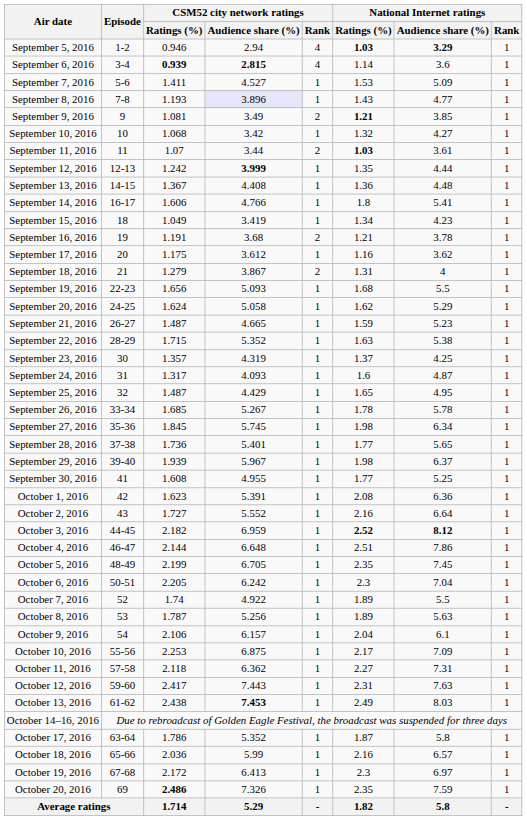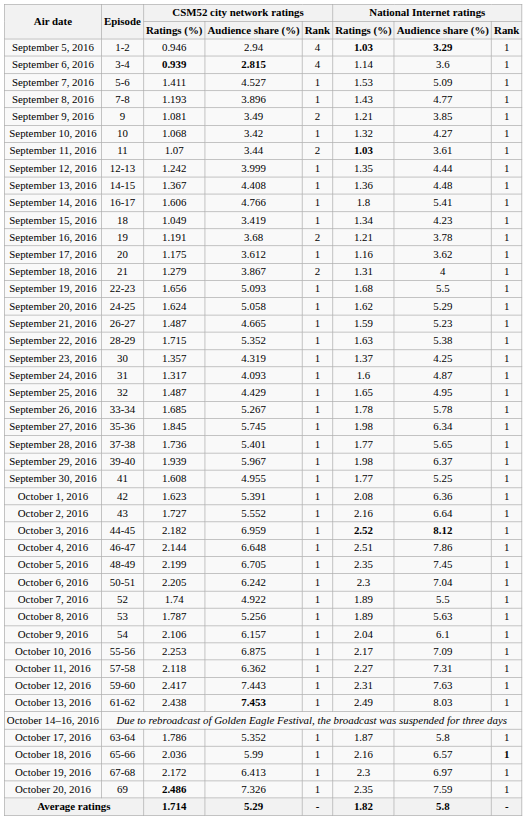 <table class="wikitable sortable mw-collapsible jquery-tablesorter" style="text-align:center">
 <tr>
 <th rowspan="2">Air date</th>
 <th rowspan="2">Episode</th>
 <th colspan="3">CSM52 city network ratings</th>
 <th colspan="3">National Internet ratings</th>
 </tr>
 <tr>
 <th>Ratings (%)</th>
 <th>Audience share (%)</th>
 <th>Rank</th>
 <th>Ratings (%)</th>
 <th>Audience share (%)</th>
 <th>Rank</th>
 </tr>
 <tr>
 <td>September 5, 2016</td>
 <td>1-2</td>
 <td>0.946</td>
 <td>2.94</td>
 <td>4</td>
 <td><strong><span>1.03</span></strong></td>
 <td><strong><span>3.29</span></strong></td>
 <td>1</td>
 </tr>
 <tr>
 <td>September 6, 2016</td>
 <td>3-4</td>
 <td><strong><span>0.939</span></strong></td>
 <td><strong><span>2.815</span></strong></td>
 <td>4</td>
 <td>1.14</td>
 <td>3.6</td>
 <td>1</td>
 </tr>
 <tr>
 <td>September 7, 2016</td>
 <td>5-6</td>
 <td>1.411</td>
 <td>4.527</td>
 <td>1</td>
 <td>1.53</td>
 <td>5.09</td>
 <td>1</td>
 </tr>
 <tr>
 <td>September 8, 2016</td>
 <td>7-8</td>
 <td>1.193</td>
-<td style="background: lavender;">3.896</td>
+<td>3.896</td>
 <td>1</td>
 <td>1.43</td>
 <td>4.77</td>
 <td>1</td>
 </tr>
 <tr>
 <td>September 9, 2016</td>
 <td>9</td>
 <td>1.081</td>
 <td>3.49</td>
 <td>2</td>
-<td><strong>1.21</strong></td>
+<td>1.21</td>
 <td>3.85</td>
 <td>1</td>
 </tr>
 <tr>
 <td>September 10, 2016</td>
 <td>10</td>
 <td>1.068</td>
 <td>3.42</td>
 <td>1</td>
 <td>1.32</td>
 <td>4.27</td>
 <td>1</td>
 </tr>
 <tr>
 <td>September 11, 2016</td>
 <td>11</td>
 <td>1.07</td>
 <td>3.44</td>
 <td>2</td>
 <td><strong><span>1.03</span></strong></td>
 <td>3.61</td>
 <td>1</td>
 </tr>
 <tr>
 <td>September 12, 2016</td>
 <td>12-13</td>
 <td>1.242</td>
-<td><strong>3.999</strong></td>
+<td>3.999</td>
 <td>1</td>
 <td>1.35</td>
 <td>4.44</td>
 <td>1</td>
 </tr>
 <tr>
 <td>September 13, 2016</td>
 <td>14-15</td>
 <td>1.367</td>
 <td>4.408</td>
 <td>1</td>
 <td>1.36</td>
 <td>4.48</td>
 <td>1</td>
 </tr>
 <tr>
 <td>September 14, 2016</td>
 <td>16-17</td>
 <td>1.606</td>
 <td>4.766</td>
 <td>1</td>
 <td>1.8</td>
 <td>5.41</td>
 <td>1</td>
 </tr>
 <tr>
 <td>September 15, 2016</td>
 <td>18</td>
 <td>1.049</td>
 <td>3.419</td>
 <td>1</td>
 <td>1.34</td>
 <td>4.23</td>
 <td>1</td>
 </tr>
 <tr>
 <td>September 16, 2016</td>
 <td>19</td>
 <td>1.191</td>
 <td>3.68</td>
 <td>2</td>
 <td>1.21</td>
 <td>3.78</td>
 <td>1</td>
 </tr>
 <tr>
 <td>September 17, 2016</td>
 <td>20</td>
 <td>1.175</td>
 <td>3.612</td>
 <td>1</td>
 <td>1.16</td>
 <td>3.62</td>
 <td>1</td>
 </tr>
 <tr>
 <td>September 18, 2016</td>
 <td>21</td>
 <td>1.279</td>
 <td>3.867</td>
 <td>2</td>
 <td>1.31</td>
 <td>4</td>
 <td>1</td>
 </tr>
 <tr>
 <td>September 19, 2016</td>
 <td>22-23</td>
 <td>1.656</td>
 <td>5.093</td>
 <td>1</td>
 <td>1.68</td>
 <td>5.5</td>
 <td>1</td>
 </tr>
 <tr>
 <td>September 20, 2016</td>
 <td>24-25</td>
 <td>1.624</td>
 <td>5.058</td>
 <td>1</td>
 <td>1.62</td>
 <td>5.29</td>
 <td>1</td>
 </tr>
 <tr>
 <td>September 21, 2016</td>
 <td>26-27</td>
 <td>1.487</td>
 <td>4.665</td>
 <td>1</td>
 <td>1.59</td>
 <td>5.23</td>
 <td>1</td>
 </tr>
 <tr>
 <td>September 22, 2016</td>
 <td>28-29</td>
 <td>1.715</td>
 <td>5.352</td>
 <td>1</td>
 <td>1.63</td>
 <td>5.38</td>
 <td>1</td>
 </tr>
 <tr>
 <td>September 23, 2016</td>
 <td>30</td>
 <td>1.357</td>
 <td>4.319</td>
 <td>1</td>
 <td>1.37</td>
 <td>4.25</td>
 <td>1</td>
 </tr>
 <tr>
 <td>September 24, 2016</td>
 <td>31</td>
 <td>1.317</td>
 <td>4.093</td>
 <td>1</td>
 <td>1.6</td>
 <td>4.87</td>
 <td>1</td>
 </tr>
 <tr>
 <td>September 25, 2016</td>
 <td>32</td>
 <td>1.487</td>
 <td>4.429</td>
 <td>1</td>
 <td>1.65</td>
 <td>4.95</td>
 <td>1</td>
 </tr>
 <tr>
 <td>September 26, 2016</td>
 <td>33-34</td>
 <td>1.685</td>
 <td>5.267</td>
 <td>1</td>
 <td>1.78</td>
 <td>5.78</td>
 <td>1</td>
 </tr>
 <tr>
 <td>September 27, 2016</td>
 <td>35-36</td>
 <td>1.845</td>
 <td>5.745</td>
 <td>1</td>
 <td>1.98</td>
 <td>6.34</td>
 <td>1</td>
 </tr>
 <tr>
 <td>September 28, 2016</td>
 <td>37-38</td>
 <td>1.736</td>
 <td>5.401</td>
 <td>1</td>
 <td>1.77</td>
 <td>5.65</td>
 <td>1</td>
 </tr>
 <tr>
 <td>September 29, 2016</td>
 <td>39-40</td>
 <td>1.939</td>
 <td>5.967</td>
 <td>1</td>
 <td>1.98</td>
 <td>6.37</td>
 <td>1</td>
 </tr>
 <tr>
 <td>September 30, 2016</td>
 <td>41</td>
 <td>1.608</td>
 <td>4.955</td>
 <td>1</td>
 <td>1.77</td>
 <td>5.25</td>
 <td>1</td>
 </tr>
 <tr>
 <td>October 1, 2016</td>
 <td>42</td>
 <td>1.623</td>
 <td>5.391</td>
 <td>1</td>
 <td>2.08</td>
 <td>6.36</td>
 <td>1</td>
 </tr>
 <tr>
 <td>October 2, 2016</td>
 <td>43</td>
 <td>1.727</td>
 <td>5.552</td>
 <td>1</td>
 <td>2.16</td>
 <td>6.64</td>
 <td>1</td>
 </tr>
 <tr>
 <td>October 3, 2016</td>
 <td>44-45</td>
 <td>2.182</td>
 <td>6.959</td>
 <td>1</td>
 <td><strong><span>2.52</span></strong></td>
 <td><strong><span>8.12</span></strong></td>
 <td>1</td>
 </tr>
 <tr>
 <td>October 4, 2016</td>
 <td>46-47</td>
 <td>2.144</td>
 <td>6.648</td>
 <td>1</td>
 <td>2.51</td>
 <td>7.86</td>
 <td>1</td>
 </tr>
 <tr>
 <td>October 5, 2016</td>
 <td>48-49</td>
 <td>2.199</td>
 <td>6.705</td>
 <td>1</td>
 <td>2.35</td>
 <td>7.45</td>
 <td>1</td>
 </tr>
 <tr>
 <td>October 6, 2016</td>
 <td>50-51</td>
 <td>2.205</td>
 <td>6.242</td>
 <td>1</td>
 <td>2.3</td>
 <td>7.04</td>
 <td>1</td>
 </tr>
 <tr>
 <td>October 7, 2016</td>
 <td>52</td>
 <td>1.74</td>
 <td>4.922</td>
 <td>1</td>
 <td>1.89</td>
 <td>5.5</td>
 <td>1</td>
 </tr>
 <tr>
 <td>October 8, 2016</td>
 <td>53</td>
 <td>1.787</td>
 <td>5.256</td>
 <td>1</td>
 <td>1.89</td>
 <td>5.63</td>
 <td>1</td>
 </tr>
 <tr>
 <td>October 9, 2016</td>
 <td>54</td>
 <td>2.106</td>
 <td>6.157</td>
 <td>1</td>
 <td>2.04</td>
 <td>6.1</td>
 <td>1</td>
 </tr>
 <tr>
 <td>October 10, 2016</td>
 <td>55-56</td>
 <td>2.253</td>
 <td>6.875</td>
 <td>1</td>
 <td>2.17</td>
 <td>7.09</td>
 <td>1</td>
 </tr>
 <tr>
 <td>October 11, 2016</td>
 <td>57-58</td>
 <td>2.118</td>
 <td>6.362</td>
 <td>1</td>
 <td>2.27</td>
 <td>7.31</td>
 <td>1</td>
 </tr>
 <tr>
 <td>October 12, 2016</td>
 <td>59-60</td>
 <td>2.417</td>
 <td>7.443</td>
 <td>1</td>
 <td>2.31</td>
 <td>7.63</td>
 <td>1</td>
 </tr>
 <tr>
 <td>October 13, 2016</td>
 <td>61-62</td>
 <td>2.438</td>
 <td><strong><span>7.453</span></strong></td>
 <td>1</td>
 <td>2.49</td>
 <td>8.03</td>
 <td>1</td>
 </tr>
 <tr>
 <td>October 14–16, 2016</td>
 <td colspan="7" rowspan="1"><em>Due to rebroadcast of Golden Eagle Festival, the broadcast was suspended for three days</em></td>
 </tr>
 <tr>
 <td>October 17, 2016</td>
 <td>63-64</td>
 <td>1.786</td>
 <td>5.352</td>
 <td>1</td>
 <td>1.87</td>
 <td>5.8</td>
 <td>1</td>
 </tr>
 <tr>
 <td>October 18, 2016</td>
 <td>65-66</td>
 <td>2.036</td>
 <td>5.99</td>
 <td>1</td>
 <td>2.16</td>
 <td>6.57</td>
-<td>1</td>
+<td><strong>1</strong></td>
 </tr>
 <tr>
 <td>October 19, 2016</td>
 <td>67-68</td>
 <td>2.172</td>
 <td>6.413</td>
 <td>1</td>
 <td>2.3</td>
 <td>6.97</td>
 <td>1</td>
 </tr>
 <tr>
 <td>October 20, 2016</td>
 <td>69</td>
 <td><strong><span>2.486</span></strong></td>
 <td>7.326</td>
 <td>1</td>
 <td>2.35</td>
 <td>7.59</td>
 <td>1</td>
 </tr>
 <tr>
 <th colspan="2" rowspan="1">Average ratings</th>
 <th>1.714</th>
 <th>5.29</th>
 <th>-</th>
 <th>1.82</th>
 <th>5.8</th>
 <th>-</th>
 </tr>
 </table>
